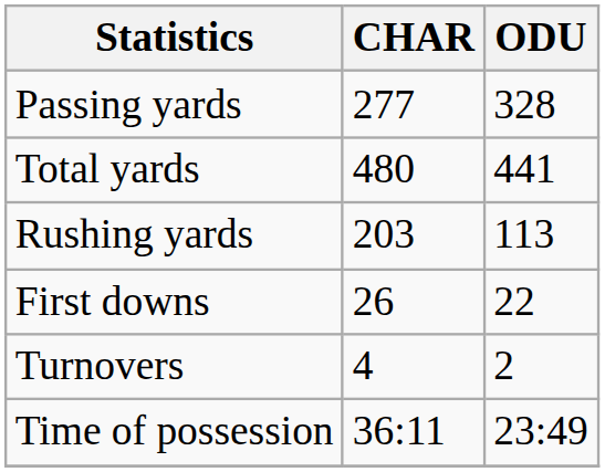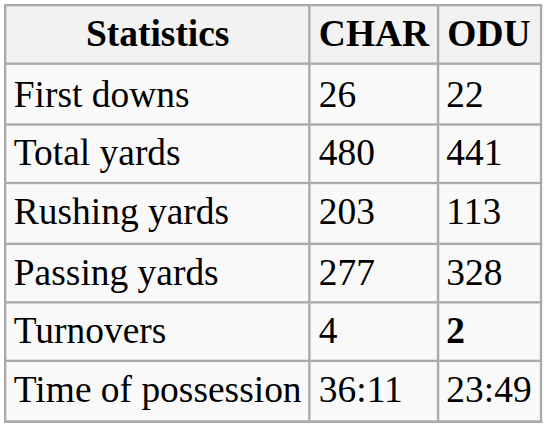 <table class="wikitable">
 <tr>
 <th>Statistics</th>
 <th>CHAR</th>
 <th>ODU</th>
 </tr>
 <tr>
-<td>Passing yards</td>
-<td>277</td>
-<td>328</td>
+<td>First downs</td>
+<td>26</td>
+<td>22</td>
 </tr>
 <tr>
 <td>Total yards</td>
 <td>480</td>
 <td>441</td>
 </tr>
 <tr>
 <td>Rushing yards</td>
 <td>203</td>
 <td>113</td>
 </tr>
 <tr>
-<td>First downs</td>
-<td>26</td>
-<td>22</td>
+<td>Passing yards</td>
+<td>277</td>
+<td>328</td>
 </tr>
 <tr>
 <td>Turnovers</td>
 <td>4</td>
-<td>2</td>
+<td><strong>2</strong></td>
 </tr>
 <tr>
 <td>Time of possession</td>
 <td>36:11</td>
 <td>23:49</td>
 </tr>
 <tr>
 </tr>
 </table>
